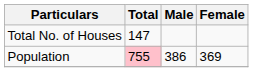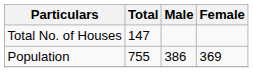 <table class="wikitable sortable">
 <tr>
 <th>Particulars</th>
 <th>Total</th>
 <th>Male</th>
 <th>Female</th>
 </tr>
 <tr>
 <td>Total No. of Houses</td>
 <td>147</td>
 <td></td>
 <td></td>
 </tr>
 <tr>
 <td>Population</td>
-<td style="background: pink;">755</td>
+<td>755</td>
 <td>386</td>
 <td>369</td>
 </tr>
 <tr>
 </tr>
 </table>
